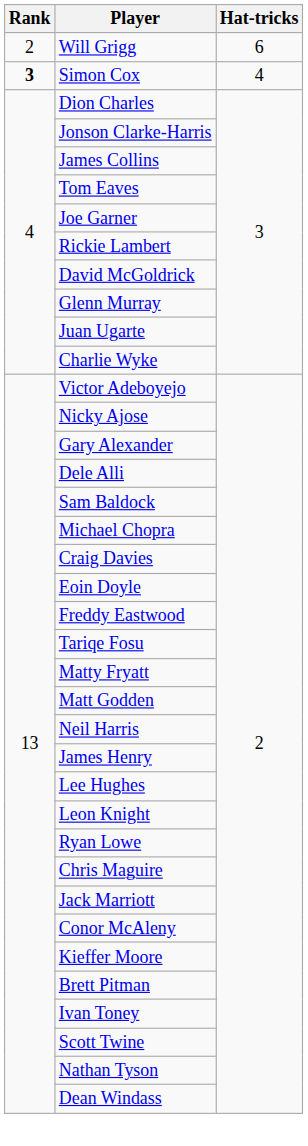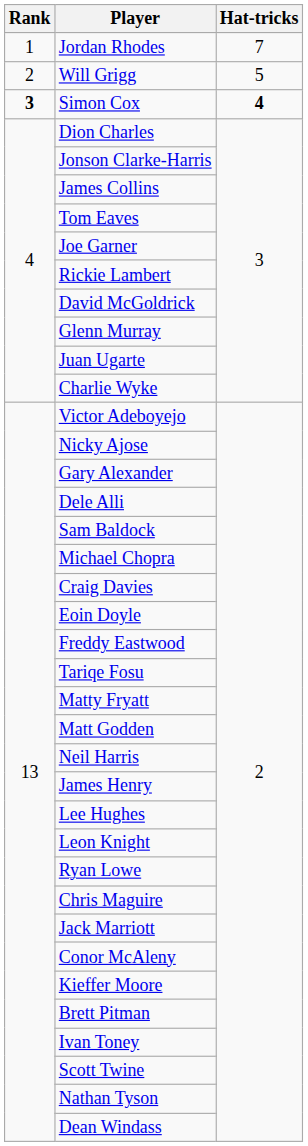 <table class="wikitable">
 <tr>
 <th>Rank</th>
 <th>Player</th>
 <th>Hat-tricks</th>
 </tr>
 <tr>
+<td align=center rowspan="1">1</td>
+<td> <a href='#'>Jordan Rhodes</a></td>
+<td align=center rowspan="1">7</td>
+</tr>
+<tr>
 <td align=center rowspan="1">2</td>
 <td> <a href='#'>Will Grigg</a></td>
-<td align=center rowspan="1">6</td>
+<td align=center rowspan="1">5</td>
 </tr>
 <tr>
 <td align=center rowspan="1"><strong>3</strong></td>
 <td> <a href='#'>Simon Cox</a></td>
-<td align=center rowspan="1">4</td>
+<td align=center rowspan="1"><strong>4</strong></td>
 </tr>
 <tr>
 <td align=center rowspan="10”">4</td>
 <td> <a href='#'>Dion Charles</a></td>
 <td align=center rowspan="10”">3</td>
 </tr>
 <tr>
 <td> <a href='#'>Jonson Clarke-Harris</a></td>
 </tr>
 <tr>
 <td> <a href='#'>James Collins</a></td>
 </tr>
 <tr>
 <td> <a href='#'>Tom Eaves</a></td>
 </tr>
 <tr>
 <td> <a href='#'>Joe Garner</a></td>
 </tr>
 <tr>
 <td> <a href='#'>Rickie Lambert</a></td>
 </tr>
 <tr>
 <td> <a href='#'>David McGoldrick</a></td>
 </tr>
 <tr>
 <td> <a href='#'>Glenn Murray</a></td>
 </tr>
 <tr>
 <td> <a href='#'>Juan Ugarte</a></td>
 </tr>
 <tr>
 <td> <a href='#'>Charlie Wyke</a></td>
 </tr>
 <tr>
 <td align=center rowspan="26”">13</td>
 <td> <a href='#'>Victor Adeboyejo</a></td>
 <td align=center rowspan="26">2</td>
 </tr>
 <tr>
 <td> <a href='#'>Nicky Ajose</a></td>
 </tr>
 <tr>
 <td> <a href='#'>Gary Alexander</a></td>
 </tr>
 <tr>
 <td> <a href='#'>Dele Alli</a></td>
 </tr>
 <tr>
 <td> <a href='#'>Sam Baldock</a></td>
 </tr>
 <tr>
 <td> <a href='#'>Michael Chopra</a></td>
 </tr>
 <tr>
 <td> <a href='#'>Craig Davies</a></td>
 </tr>
 <tr>
 <td> <a href='#'>Eoin Doyle</a></td>
 </tr>
 <tr>
 <td> <a href='#'>Freddy Eastwood</a></td>
 </tr>
 <tr>
 <td> <a href='#'>Tariqe Fosu</a></td>
 </tr>
 <tr>
 <td> <a href='#'>Matty Fryatt</a></td>
 </tr>
 <tr>
 <td> <a href='#'>Matt Godden</a></td>
 </tr>
 <tr>
 <td> <a href='#'>Neil Harris</a></td>
 </tr>
 <tr>
 <td> <a href='#'>James Henry</a></td>
 </tr>
 <tr>
 <td> <a href='#'>Lee Hughes</a></td>
 </tr>
 <tr>
 <td> <a href='#'>Leon Knight</a></td>
 </tr>
 <tr>
 <td> <a href='#'>Ryan Lowe</a></td>
 </tr>
 <tr>
 <td> <a href='#'>Chris Maguire</a></td>
 </tr>
 <tr>
 <td> <a href='#'>Jack Marriott</a></td>
 </tr>
 <tr>
 <td> <a href='#'>Conor McAleny</a></td>
 </tr>
 <tr>
 <td> <a href='#'>Kieffer Moore</a></td>
 </tr>
 <tr>
 <td> <a href='#'>Brett Pitman</a></td>
 </tr>
 <tr>
 <td> <a href='#'>Ivan Toney</a></td>
 </tr>
 <tr>
 <td> <a href='#'>Scott Twine</a></td>
 </tr>
 <tr>
 <td> <a href='#'>Nathan Tyson</a></td>
 </tr>
 <tr>
 <td> <a href='#'>Dean Windass</a></td>
 </tr>
 </table>
